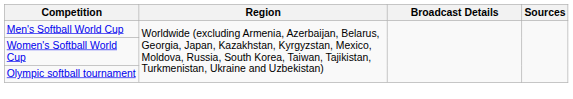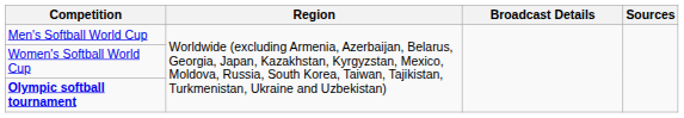 <table class="wikitable">
 <tr>
 <th width="200">Competition</th>
 <th>Region</th>
 <th width="200">Broadcast Details</th>
 <th>Sources</th>
 </tr>
 <tr>
 <td><a href='#'>Men's Softball World Cup</a></td>
 <td rowspan="3">Worldwide (excluding Armenia, Azerbaijan, Belarus, Georgia, Japan, Kazakhstan, Kyrgyzstan, Mexico, Moldova, Russia, South Korea, Taiwan, Tajikistan, Turkmenistan, Ukraine and Uzbekistan)</td>
 <td rowspan="3"></td>
 <td rowspan="3"></td>
 </tr>
 <tr>
 <td><a href='#'>Women's Softball World Cup</a></td>
 </tr>
 <tr>
-<td><a href='#'>Olympic softball tournament</a></td>
+<td><strong><a href='#'>Olympic softball tournament</a></strong></td>
 </tr>
 </table>
